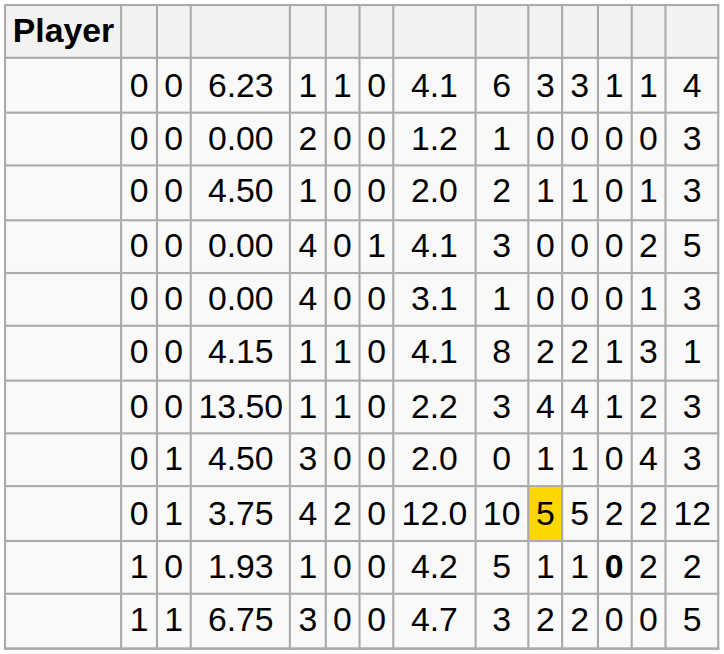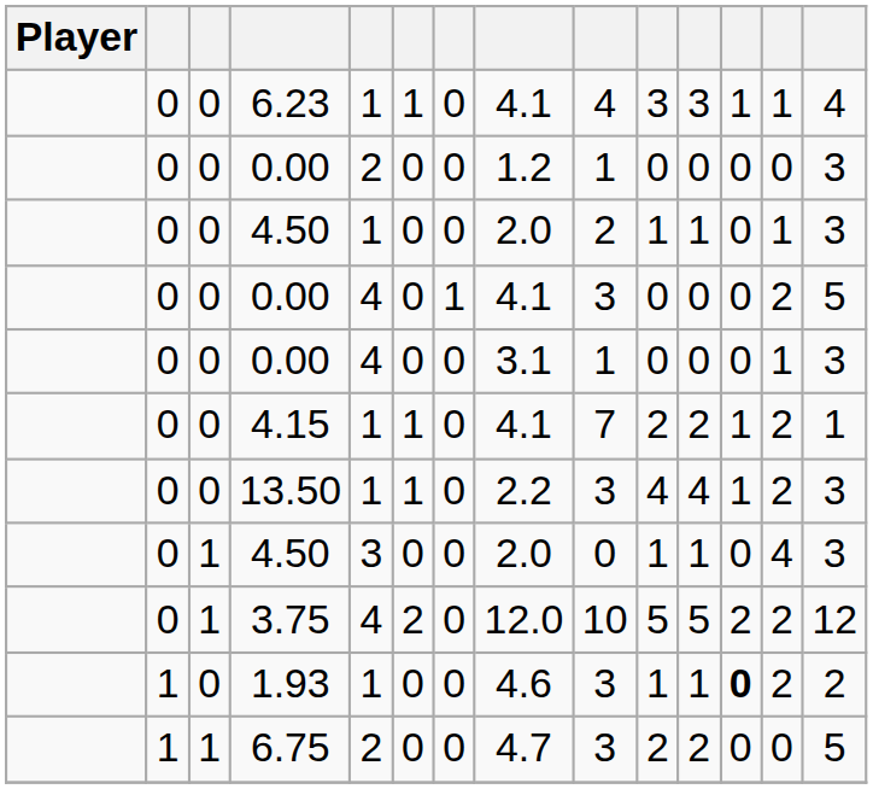 <table class="wikitable sortable" style="text-align:center;">
 <tr>
 <th>Player</th>
 <th></th>
 <th></th>
 <th></th>
 <th></th>
 <th></th>
 <th></th>
 <th></th>
 <th></th>
 <th></th>
 <th></th>
 <th></th>
 <th></th>
 <th></th>
 </tr>
 <tr>
 <td align=left></td>
 <td>0</td>
 <td>0</td>
 <td>6.23</td>
 <td>1</td>
 <td>1</td>
 <td>0</td>
 <td>4.1</td>
-<td>6</td>
+<td>4</td>
 <td>3</td>
 <td>3</td>
 <td>1</td>
 <td>1</td>
 <td>4</td>
 </tr>
 <tr>
 <td align=left></td>
 <td>0</td>
 <td>0</td>
 <td>0.00</td>
 <td>2</td>
 <td>0</td>
 <td>0</td>
 <td>1.2</td>
 <td>1</td>
 <td>0</td>
 <td>0</td>
 <td>0</td>
 <td>0</td>
 <td>3</td>
 </tr>
 <tr>
 <td align=left></td>
 <td>0</td>
 <td>0</td>
 <td>4.50</td>
 <td>1</td>
 <td>0</td>
 <td>0</td>
 <td>2.0</td>
 <td>2</td>
 <td>1</td>
 <td>1</td>
 <td>0</td>
 <td>1</td>
 <td>3</td>
 </tr>
 <tr>
 <td align=left></td>
 <td>0</td>
 <td>0</td>
 <td>0.00</td>
 <td>4</td>
 <td>0</td>
 <td>1</td>
 <td>4.1</td>
 <td>3</td>
 <td>0</td>
 <td>0</td>
 <td>0</td>
 <td>2</td>
 <td>5</td>
 </tr>
 <tr>
 <td align=left></td>
 <td>0</td>
 <td>0</td>
 <td>0.00</td>
 <td>4</td>
 <td>0</td>
 <td>0</td>
 <td>3.1</td>
 <td>1</td>
 <td>0</td>
 <td>0</td>
 <td>0</td>
 <td>1</td>
 <td>3</td>
 </tr>
 <tr>
 <td align=left></td>
 <td>0</td>
 <td>0</td>
 <td>4.15</td>
 <td>1</td>
 <td>1</td>
 <td>0</td>
 <td>4.1</td>
-<td>8</td>
+<td>7</td>
 <td>2</td>
 <td>2</td>
 <td>1</td>
-<td>3</td>
+<td>2</td>
 <td>1</td>
 </tr>
 <tr>
 <td align=left></td>
 <td>0</td>
 <td>0</td>
 <td>13.50</td>
 <td>1</td>
 <td>1</td>
 <td>0</td>
 <td>2.2</td>
 <td>3</td>
 <td>4</td>
 <td>4</td>
 <td>1</td>
 <td>2</td>
 <td>3</td>
 </tr>
 <tr>
 <td align=left></td>
 <td>0</td>
 <td>1</td>
 <td>4.50</td>
 <td>3</td>
 <td>0</td>
 <td>0</td>
 <td>2.0</td>
 <td>0</td>
 <td>1</td>
 <td>1</td>
 <td>0</td>
 <td>4</td>
 <td>3</td>
 </tr>
 <tr>
 <td align=left></td>
 <td>0</td>
 <td>1</td>
 <td>3.75</td>
 <td>4</td>
 <td>2</td>
 <td>0</td>
 <td>12.0</td>
 <td>10</td>
-<td style="background: gold;">5</td>
+<td>5</td>
 <td>5</td>
 <td>2</td>
 <td>2</td>
 <td>12</td>
 </tr>
 <tr>
 <td align=left></td>
 <td>1</td>
 <td>0</td>
 <td>1.93</td>
 <td>1</td>
 <td>0</td>
 <td>0</td>
-<td>4.2</td>
-<td>5</td>
+<td>4.6</td>
+<td>3</td>
 <td>1</td>
 <td>1</td>
 <td><strong>0</strong></td>
 <td>2</td>
 <td>2</td>
 </tr>
 <tr>
 <td align=left></td>
 <td>1</td>
 <td>1</td>
 <td>6.75</td>
-<td>3</td>
+<td>2</td>
 <td>0</td>
 <td>0</td>
 <td>4.7</td>
 <td>3</td>
 <td>2</td>
 <td>2</td>
 <td>0</td>
 <td>0</td>
 <td>5</td>
 </tr>
 <tr class=="sortbottom">
 </tr>
 </table>
